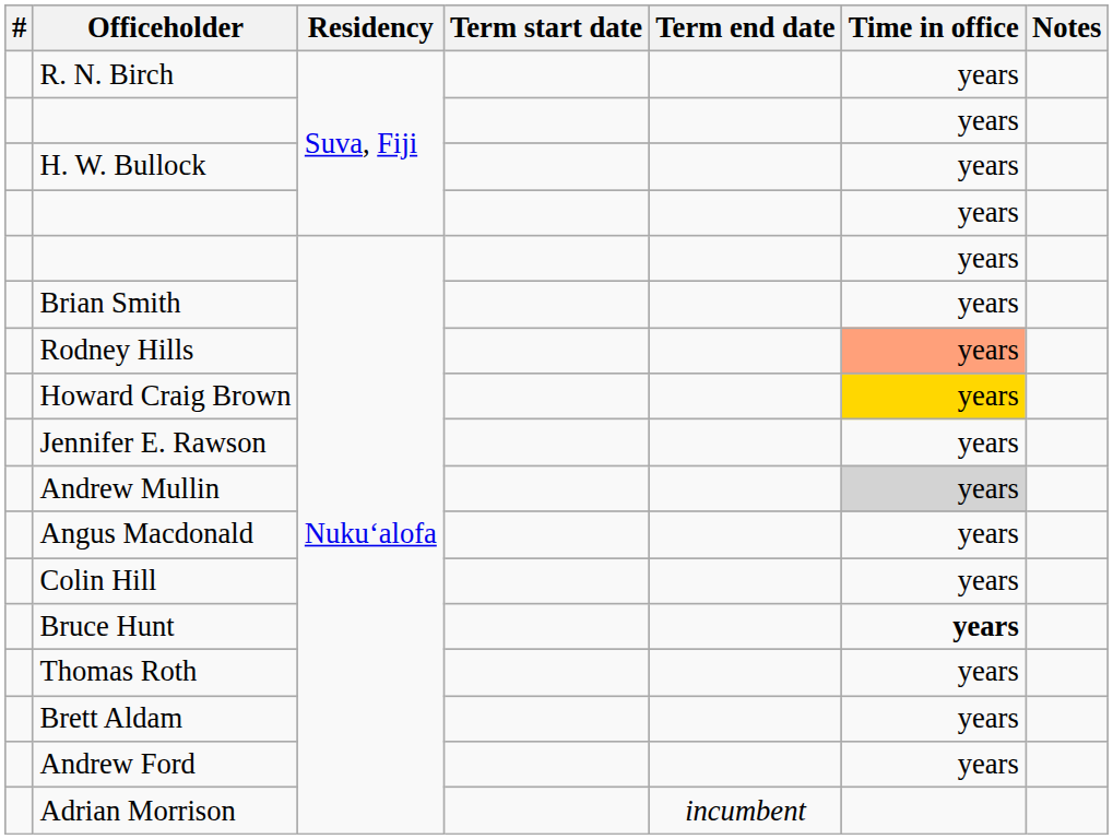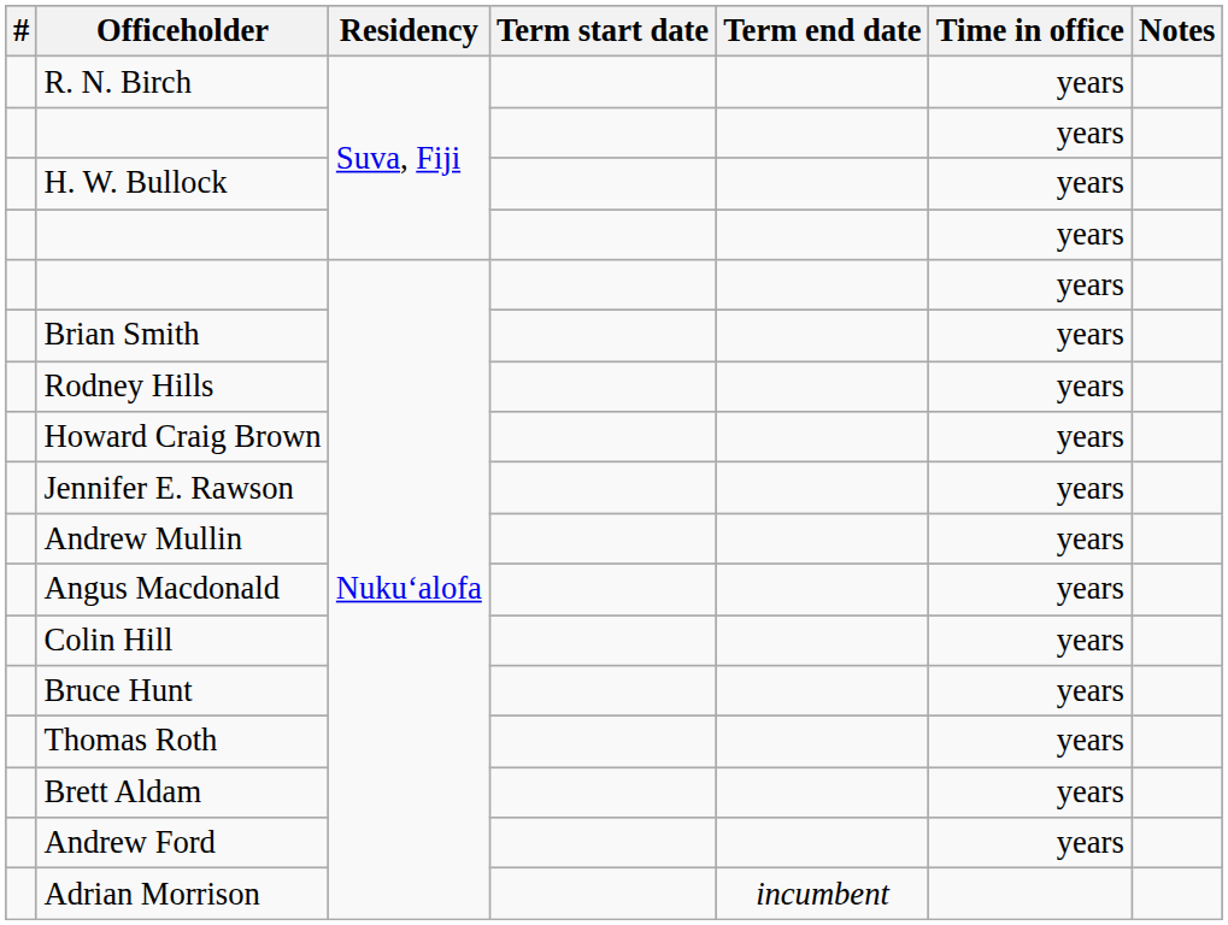 <table class='wikitable sortable'>
 <tr>
 <th>#</th>
 <th>Officeholder</th>
 <th>Residency</th>
 <th>Term start date</th>
 <th>Term end date</th>
 <th>Time in office</th>
 <th>Notes</th>
 </tr>
 <tr>
 <td align=center></td>
 <td>R. N. Birch</td>
 <td rowspan=4><a href='#'>Suva</a>, <a href='#'>Fiji</a></td>
 <td align=center></td>
 <td align=center></td>
 <td align=right> years</td>
 <td></td>
 </tr>
 <tr>
 <td align=center></td>
 <td></td>
 <td align=center></td>
 <td align=center></td>
 <td align=right> years</td>
 <td></td>
 </tr>
 <tr>
 <td align=center></td>
 <td>H. W. Bullock</td>
 <td align=center></td>
 <td align=center></td>
 <td align=right> years</td>
 <td></td>
 </tr>
 <tr>
 <td align=center></td>
 <td></td>
 <td align=center></td>
 <td align=center></td>
 <td align=right> years</td>
 <td></td>
 </tr>
 <tr>
 <td align=center></td>
 <td></td>
 <td rowspan=13><a href='#'>Nukuʻalofa</a></td>
 <td align=center></td>
 <td align=center></td>
 <td align=right> years</td>
 <td></td>
 </tr>
 <tr>
 <td align=center></td>
 <td>Brian Smith</td>
 <td align=center></td>
 <td align=center></td>
 <td align=right> years</td>
 <td></td>
 </tr>
 <tr>
 <td align=center></td>
 <td>Rodney Hills</td>
 <td align=center></td>
 <td align=center></td>
-<td align=right style="background: lightsalmon;"> years</td>
+<td align=right> years</td>
 <td></td>
 </tr>
 <tr>
 <td align=center></td>
 <td>Howard Craig Brown</td>
 <td align=center></td>
 <td align=center></td>
-<td align=right style="background: gold;"> years</td>
+<td align=right> years</td>
 <td></td>
 </tr>
 <tr>
 <td align=center></td>
 <td>Jennifer E. Rawson</td>
 <td align=center></td>
 <td align=center></td>
 <td align=right> years</td>
 <td></td>
 </tr>
 <tr>
 <td align=center></td>
 <td>Andrew Mullin</td>
 <td align=center></td>
 <td align=center></td>
-<td align=right style="background: lightgrey;"> years</td>
+<td align=right> years</td>
 <td></td>
 </tr>
 <tr>
 <td align=center></td>
 <td>Angus Macdonald</td>
 <td align=center></td>
 <td align=center></td>
 <td align=right> years</td>
 <td></td>
 </tr>
 <tr>
 <td align=center></td>
 <td>Colin Hill</td>
 <td align=center></td>
 <td align=center></td>
 <td align=right> years</td>
 <td></td>
 </tr>
 <tr>
 <td align=center></td>
 <td>Bruce Hunt</td>
 <td align=center></td>
 <td align=center></td>
-<td align=right><strong> years</strong></td>
+<td align=right> years</td>
 <td></td>
 </tr>
 <tr>
 <td align=center></td>
 <td>Thomas Roth</td>
 <td align=center></td>
 <td align=center></td>
 <td align=right> years</td>
 <td></td>
 </tr>
 <tr>
 <td align=center></td>
 <td>Brett Aldam</td>
 <td align=center></td>
 <td align=center></td>
 <td align=right> years</td>
 <td></td>
 </tr>
 <tr>
 <td align=center></td>
 <td>Andrew Ford</td>
 <td align=center></td>
 <td align=center></td>
 <td align=right> years</td>
 <td></td>
 </tr>
 <tr>
 <td align=center></td>
 <td>Adrian Morrison</td>
 <td align=center></td>
 <td align=center><em>incumbent</em></td>
 <td align=right></td>
 <td></td>
 </tr>
 </table>
